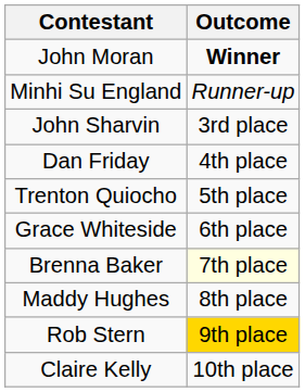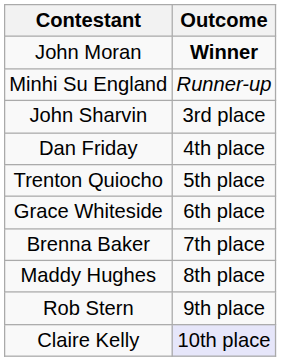 <table class="wikitable sortable" border="2" style="text-align:center;">
 <tr>
 <th>Contestant</th>
 <th>Outcome</th>
 </tr>
 <tr>
 <td>John Moran</td>
 <td><strong>Winner</strong></td>
 </tr>
 <tr>
 <td>Minhi Su England</td>
 <td><em>Runner-up</em></td>
 </tr>
 <tr>
 <td>John Sharvin</td>
 <td>3rd place</td>
 </tr>
 <tr>
 <td>Dan Friday</td>
 <td>4th place</td>
 </tr>
 <tr>
 <td>Trenton Quiocho</td>
 <td>5th place</td>
 </tr>
 <tr>
 <td>Grace Whiteside</td>
 <td>6th place</td>
 </tr>
 <tr>
 <td>Brenna Baker</td>
-<td style="background: lightyellow;">7th place</td>
+<td>7th place</td>
 </tr>
 <tr>
 <td>Maddy Hughes</td>
 <td>8th place</td>
 </tr>
 <tr>
 <td>Rob Stern</td>
-<td style="background: gold;">9th place</td>
+<td>9th place</td>
 </tr>
 <tr>
 <td>Claire Kelly</td>
-<td>10th place</td>
+<td style="background: lavender;">10th place</td>
 </tr>
 </table>
